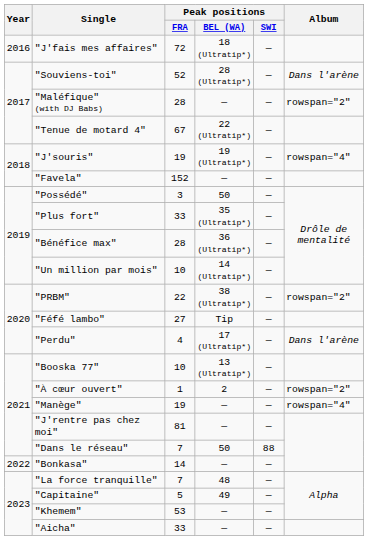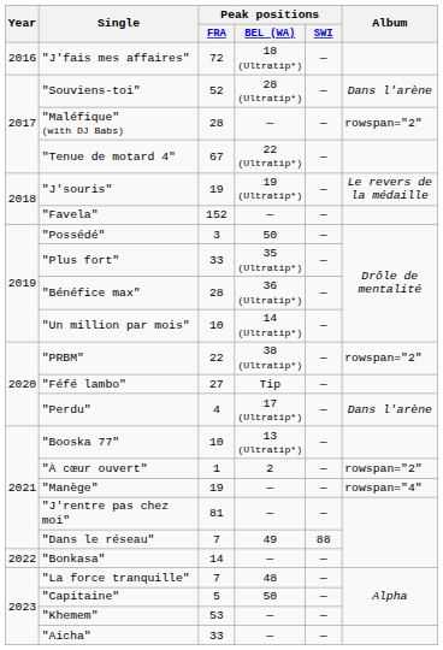 <table class="wikitable">
 <tr>
 <th align="center" rowspan="2" width="10">Year</th>
 <th align="center" rowspan="2" width="170">Single</th>
 <th align="center" colspan="3" width="20">Peak positions</th>
 <th align="center" rowspan="2" width="100">Album</th>
 </tr>
 <tr>
 <th scope="col" style="width:3em;font-size:90%;"><a href='#'>FRA</a><br></th>
 <th scope="col" style="width:3em;font-size:90%;"><a href='#'>BEL (WA)</a><br></th>
 <th scope="col" style="width:3em;font-size:90%;"><a href='#'>SWI</a><br></th>
 </tr>
 <tr>
 <td style="text-align:center;">2016</td>
 <td>"J'fais mes affaires"</td>
 <td style="text-align:center;">72</td>
 <td style="text-align:center;">18<br><small>(Ultratip*)</small></td>
 <td style="text-align:center;">—</td>
 <td style="text-align:center;"></td>
 </tr>
 <tr>
 <td style="text-align:center;" rowspan=3>2017</td>
 <td>"Souviens-toi"</td>
 <td style="text-align:center;">52</td>
 <td style="text-align:center;">28<br><small>(Ultratip*)</small></td>
 <td style="text-align:center;">—</td>
 <td style="text-align:center;"><em>Dans l'arène</em></td>
 </tr>
 <tr>
 <td>"Maléfique"<br><small>(with DJ Babs)</small></td>
 <td style="text-align:center;">28</td>
 <td style="text-align:center;">—</td>
 <td style="text-align:center;">—</td>
 <td>rowspan="2" </td>
 </tr>
 <tr>
 <td>"Tenue de motard 4"</td>
 <td style="text-align:center;">67</td>
 <td style="text-align:center;">22<br><small>(Ultratip*)</small></td>
 <td style="text-align:center;">—</td>
 </tr>
 <tr>
 <td style="text-align:center;" rowspan=2>2018</td>
 <td>"J'souris"</td>
 <td style="text-align:center;">19</td>
 <td style="text-align:center;">19<br><small>(Ultratip*)</small></td>
 <td style="text-align:center;">—</td>
-<td>rowspan="4" </td>
+<td style="text-align:center;"><em>Le revers de la médaille</em></td>
 </tr>
 <tr>
 <td>"Favela"</td>
 <td style="text-align:center;">152</td>
 <td style="text-align:center;">—</td>
 <td style="text-align:center;">—</td>
 <td style="text-align:center;"></td>
 </tr>
 <tr>
 <td style="text-align:center;" rowspan=4>2019</td>
 <td>"Possédé"</td>
 <td style="text-align:center;">3</td>
 <td style="text-align:center;">50</td>
 <td style="text-align:center;">—</td>
 <td style="text-align:center;" rowspan=4><em>Drôle de mentalité</em></td>
 </tr>
 <tr>
 <td>"Plus fort"</td>
 <td style="text-align:center;">33</td>
 <td style="text-align:center;">35<br><small>(Ultratip*)</small></td>
 <td style="text-align:center;">—</td>
 </tr>
 <tr>
 <td>"Bénéfice max"</td>
 <td style="text-align:center;">28</td>
 <td style="text-align:center;">36<br><small>(Ultratip*)</small></td>
 <td style="text-align:center;">—</td>
 </tr>
 <tr>
 <td>"Un million par mois"</td>
 <td style="text-align:center;">10</td>
 <td style="text-align:center;">14<br><small>(Ultratip*)</small></td>
 <td style="text-align:center;">—</td>
 </tr>
 <tr>
 <td style="text-align:center;" rowspan=3>2020</td>
 <td>"PRBM"</td>
 <td style="text-align:center;">22</td>
 <td style="text-align:center;">38<br><small>(Ultratip*)</small></td>
 <td style="text-align:center;">—</td>
 <td>rowspan="2" </td>
 </tr>
 <tr>
 <td>"Féfé lambo"</td>
 <td style="text-align:center;">27</td>
 <td style="text-align:center;">Tip</td>
 <td style="text-align:center;">—</td>
 </tr>
 <tr>
 <td>"Perdu"</td>
 <td style="text-align:center;">4</td>
 <td style="text-align:center;">17<br><small>(Ultratip*)</small></td>
 <td style="text-align:center;">—</td>
 <td style="text-align:center;"><em>Dans l'arène</em></td>
 </tr>
 <tr>
 <td style="text-align:center;" rowspan=5>2021</td>
 <td>"Booska 77"</td>
 <td style="text-align:center;">10</td>
 <td style="text-align:center;">13<br><small>(Ultratip*)</small></td>
 <td style="text-align:center;">—</td>
 <td></td>
 </tr>
 <tr>
 <td>"À cœur ouvert"</td>
 <td style="text-align:center;">1</td>
 <td style="text-align:center;">2</td>
 <td style="text-align:center;">—</td>
 <td>rowspan="2" </td>
 </tr>
 <tr>
 <td>"Manège"</td>
 <td style="text-align:center;">19</td>
 <td style="text-align:center;">—</td>
 <td style="text-align:center;">—</td>
 <td>rowspan="4" </td>
 </tr>
 <tr>
 <td>"J'rentre pas chez moi"</td>
 <td style="text-align:center;">81</td>
 <td style="text-align:center;">—</td>
 <td style="text-align:center;">—</td>
 </tr>
 <tr>
 <td>"Dans le réseau"</td>
 <td style="text-align:center;">7</td>
-<td style="text-align:center;">50</td>
+<td style="text-align:center;">49</td>
 <td style="text-align:center;">88</td>
 </tr>
 <tr>
 <td style="text-align:center;">2022</td>
 <td>"Bonkasa"</td>
 <td style="text-align:center;">14</td>
 <td style="text-align:center;">—</td>
 <td style="text-align:center;">—</td>
 </tr>
 <tr>
 <td style="text-align:center;" rowspan=4>2023</td>
 <td>"La force tranquille"</td>
 <td style="text-align:center;">7</td>
 <td style="text-align:center;">48</td>
 <td style="text-align:center;">—</td>
 <td style="text-align:center;"rowspan=3><em>Alpha</em></td>
 </tr>
 <tr>
 <td>"Capitaine"</td>
 <td style="text-align:center;">5</td>
-<td style="text-align:center;">49</td>
+<td style="text-align:center;">50</td>
 <td style="text-align:center;">—</td>
 </tr>
 <tr>
 <td>"Khemem"</td>
 <td style="text-align:center;">53</td>
 <td style="text-align:center;">—</td>
 <td style="text-align:center;">—</td>
 </tr>
 <tr>
 <td>"Aicha"</td>
 <td style="text-align:center;">33</td>
 <td style="text-align:center;">—</td>
 <td style="text-align:center;">—</td>
 <td></td>
 </tr>
 </table>
